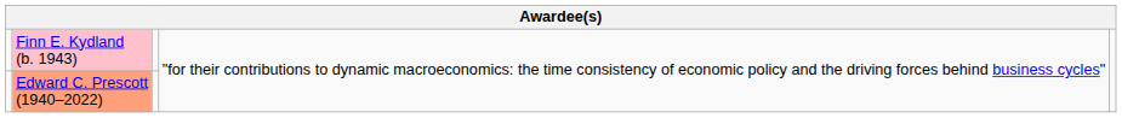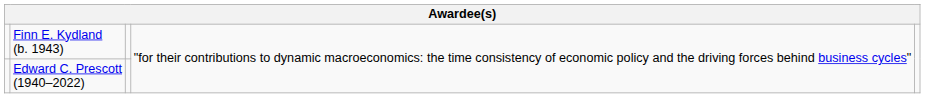 <table class="wikitable">
 <tr>
 <th colspan="5">Awardee(s)</th>
 </tr>
 <tr>
 <td></td>
-<td style="background: pink;"><a href='#'>Finn E. Kydland</a><br>(b. 1943)</td>
+<td><a href='#'>Finn E. Kydland</a><br>(b. 1943)</td>
 <td></td>
 <td rowspan="2">"for their contributions to dynamic macroeconomics: the time consistency of economic policy and the driving forces behind <a href='#'>business cycles</a>"</td>
 <td rowspan="2"></td>
 </tr>
 <tr>
 <td></td>
-<td style="background: lightsalmon;"><a href='#'>Edward C. Prescott</a><br>(1940–2022)</td>
+<td><a href='#'>Edward C. Prescott</a><br>(1940–2022)</td>
 <td></td>
 </tr>
 </table>
